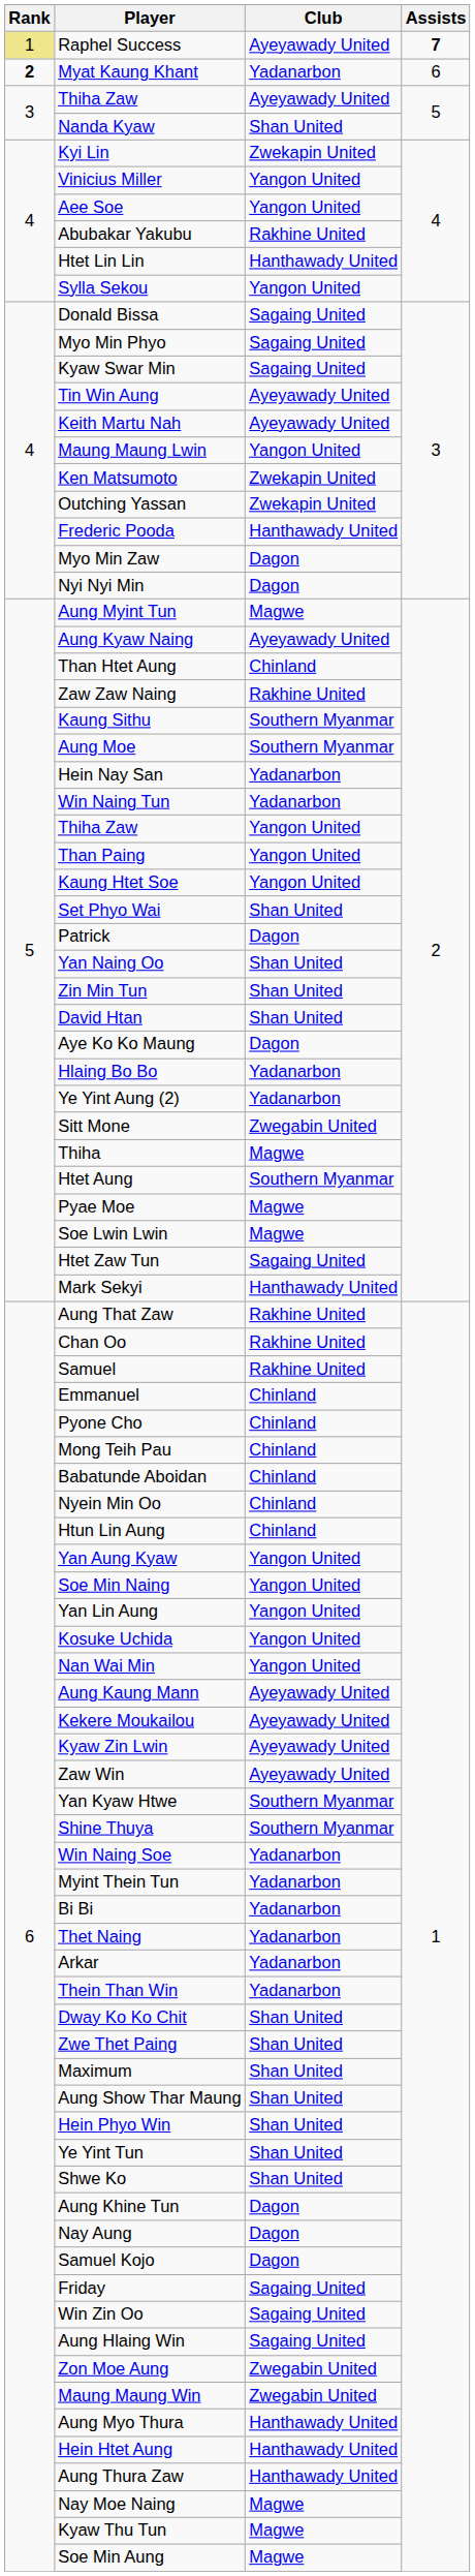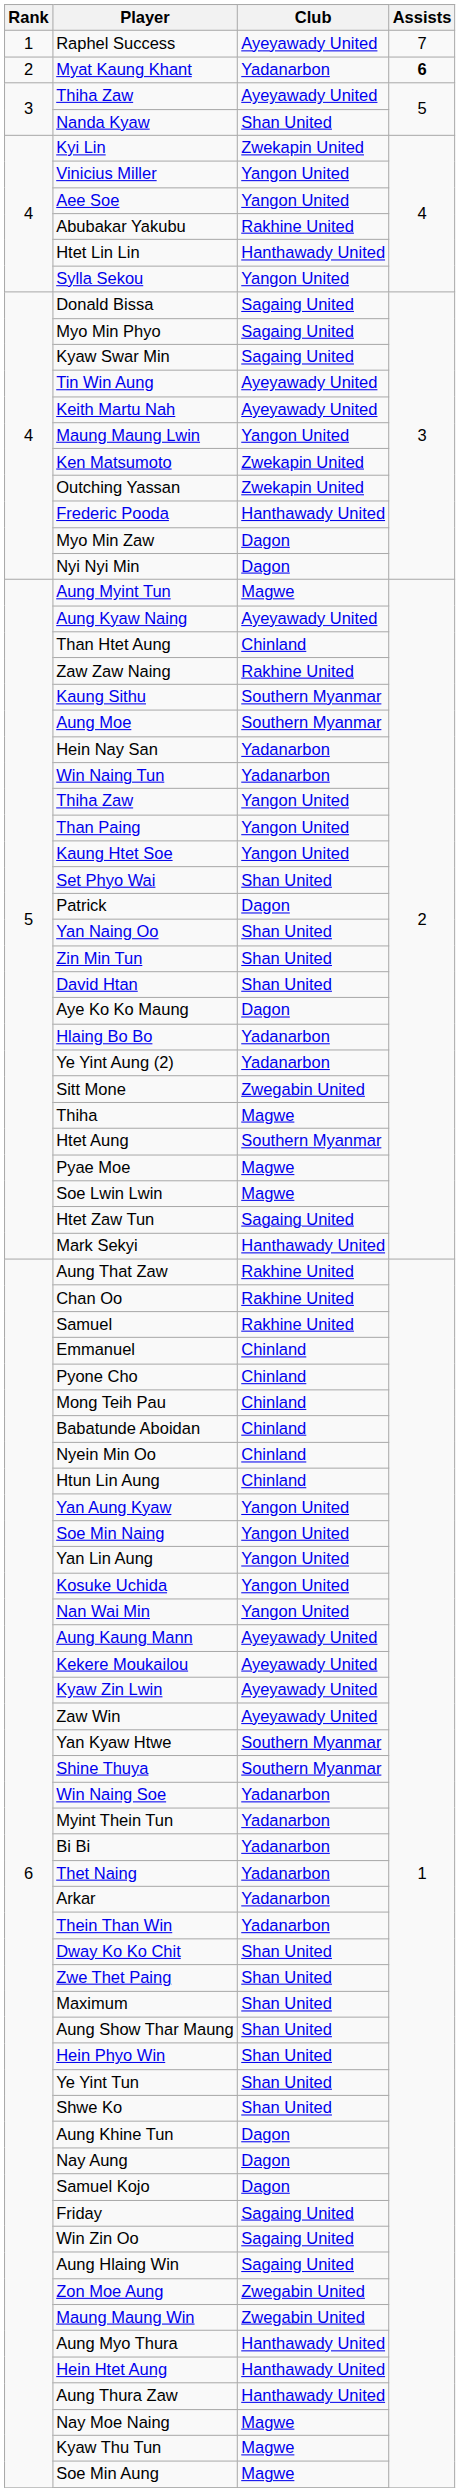 <table class="wikitable" style="text-align:center">
 <tr>
 <th>Rank</th>
 <th>Player</th>
 <th>Club</th>
 <th>Assists</th>
 </tr>
 <tr>
-<td style="background: khaki;">1</td>
+<td>1</td>
 <td align="left"> Raphel Success</td>
 <td align="left"><a href='#'>Ayeyawady United</a></td>
-<td><strong>7</strong></td>
+<td>7</td>
 </tr>
 <tr>
-<td><strong>2</strong></td>
+<td>2</td>
 <td align="left"> <a href='#'>Myat Kaung Khant</a></td>
 <td align="left"><a href='#'>Yadanarbon</a></td>
-<td>6</td>
+<td><strong>6</strong></td>
 </tr>
 <tr>
 <td rowspan="2">3</td>
 <td align="left"> <a href='#'>Thiha Zaw</a></td>
 <td align="left"><a href='#'>Ayeyawady United</a></td>
 <td rowspan="2">5</td>
 </tr>
 <tr>
 <td align="left"> <a href='#'>Nanda Kyaw</a></td>
 <td align="left"><a href='#'>Shan United</a></td>
 </tr>
 <tr>
 <td rowspan="6">4</td>
 <td align="left"> <a href='#'>Kyi Lin</a></td>
 <td align="left"><a href='#'>Zwekapin United</a></td>
 <td rowspan="6">4</td>
 </tr>
 <tr>
 <td align="left"> <a href='#'>Vinicius Miller</a></td>
 <td align="left"><a href='#'>Yangon United</a></td>
 </tr>
 <tr>
 <td align="left"> <a href='#'>Aee Soe</a></td>
 <td align="left"><a href='#'>Yangon United</a></td>
 </tr>
 <tr>
 <td align="left"> Abubakar Yakubu</td>
 <td align="left"><a href='#'>Rakhine United</a></td>
 </tr>
 <tr>
 <td align="left"> Htet Lin Lin</td>
 <td align="left"><a href='#'>Hanthawady United</a></td>
 </tr>
 <tr>
 <td align="left"> <a href='#'>Sylla Sekou</a></td>
 <td align="left"><a href='#'>Yangon United</a></td>
 </tr>
 <tr>
 <td rowspan="11">4</td>
 <td align="left"> Donald Bissa</td>
 <td align="left"><a href='#'>Sagaing United</a></td>
 <td rowspan="11">3</td>
 </tr>
 <tr>
 <td align="left"> Myo Min Phyo</td>
 <td align="left"><a href='#'>Sagaing United</a></td>
 </tr>
 <tr>
 <td align="left"> Kyaw Swar Min</td>
 <td align="left"><a href='#'>Sagaing United</a></td>
 </tr>
 <tr>
 <td align="left"> <a href='#'>Tin Win Aung</a></td>
 <td align="left"><a href='#'>Ayeyawady United</a></td>
 </tr>
 <tr>
 <td align="left"> <a href='#'>Keith Martu Nah</a></td>
 <td align="left"><a href='#'>Ayeyawady United</a></td>
 </tr>
 <tr>
 <td align="left"> <a href='#'>Maung Maung Lwin</a></td>
 <td align="left"><a href='#'>Yangon United</a></td>
 </tr>
 <tr>
 <td align="left"> <a href='#'>Ken Matsumoto</a></td>
 <td align="left"><a href='#'>Zwekapin United</a></td>
 </tr>
 <tr>
 <td align="left"> Outching Yassan</td>
 <td align="left"><a href='#'>Zwekapin United</a></td>
 </tr>
 <tr>
 <td align="left"> <a href='#'>Frederic Pooda</a></td>
 <td align="left"><a href='#'>Hanthawady United</a></td>
 </tr>
 <tr>
 <td align="left"> Myo Min Zaw</td>
 <td align="left"><a href='#'>Dagon</a></td>
 </tr>
 <tr>
 <td align="left"> Nyi Nyi Min</td>
 <td align="left"><a href='#'>Dagon</a></td>
 </tr>
 <tr>
 <td rowspan="26">5</td>
 <td align="left"> <a href='#'>Aung Myint Tun</a></td>
 <td align="left"><a href='#'>Magwe</a></td>
 <td rowspan="26">2</td>
 </tr>
 <tr>
 <td align="left"> <a href='#'>Aung Kyaw Naing</a></td>
 <td align="left"><a href='#'>Ayeyawady United</a></td>
 </tr>
 <tr>
 <td align="left"> Than Htet Aung</td>
 <td align="left"><a href='#'>Chinland</a></td>
 </tr>
 <tr>
 <td align="left"> Zaw Zaw Naing</td>
 <td align="left"><a href='#'>Rakhine United</a></td>
 </tr>
 <tr>
 <td align="left"> <a href='#'>Kaung Sithu</a></td>
 <td align="left"><a href='#'>Southern Myanmar</a></td>
 </tr>
 <tr>
 <td align="left"> <a href='#'>Aung Moe</a></td>
 <td align="left"><a href='#'>Southern Myanmar</a></td>
 </tr>
 <tr>
 <td align="left"> Hein Nay San</td>
 <td align="left"><a href='#'>Yadanarbon</a></td>
 </tr>
 <tr>
 <td align="left"> <a href='#'>Win Naing Tun</a></td>
 <td align="left"><a href='#'>Yadanarbon</a></td>
 </tr>
 <tr>
 <td align="left"> <a href='#'>Thiha Zaw</a></td>
 <td align="left"><a href='#'>Yangon United</a></td>
 </tr>
 <tr>
 <td align="left"> <a href='#'>Than Paing</a></td>
 <td align="left"><a href='#'>Yangon United</a></td>
 </tr>
 <tr>
 <td align="left"> <a href='#'>Kaung Htet Soe</a></td>
 <td align="left"><a href='#'>Yangon United</a></td>
 </tr>
 <tr>
 <td align="left"> <a href='#'>Set Phyo Wai</a></td>
 <td align="left"><a href='#'>Shan United</a></td>
 </tr>
 <tr>
 <td align="left"> Patrick</td>
 <td align="left"><a href='#'>Dagon</a></td>
 </tr>
 <tr>
 <td align="left"> <a href='#'>Yan Naing Oo</a></td>
 <td align="left"><a href='#'>Shan United</a></td>
 </tr>
 <tr>
 <td align="left"> <a href='#'>Zin Min Tun</a></td>
 <td align="left"><a href='#'>Shan United</a></td>
 </tr>
 <tr>
 <td align="left"> <a href='#'>David Htan</a></td>
 <td align="left"><a href='#'>Shan United</a></td>
 </tr>
 <tr>
 <td align="left"> Aye Ko Ko Maung</td>
 <td align="left"><a href='#'>Dagon</a></td>
 </tr>
 <tr>
 <td align="left"> <a href='#'>Hlaing Bo Bo</a></td>
 <td align="left"><a href='#'>Yadanarbon</a></td>
 </tr>
 <tr>
 <td align="left"> Ye Yint Aung (2)</td>
 <td align="left"><a href='#'>Yadanarbon</a></td>
 </tr>
 <tr>
 <td align="left"> Sitt Mone</td>
 <td align="left"><a href='#'>Zwegabin United</a></td>
 </tr>
 <tr>
 <td align="left"> Thiha</td>
 <td align="left"><a href='#'>Magwe</a></td>
 </tr>
 <tr>
 <td align="left"> Htet Aung</td>
 <td align="left"><a href='#'>Southern Myanmar</a></td>
 </tr>
 <tr>
 <td align="left"> Pyae Moe</td>
 <td align="left"><a href='#'>Magwe</a></td>
 </tr>
 <tr>
 <td align="left"> Soe Lwin Lwin</td>
 <td align="left"><a href='#'>Magwe</a></td>
 </tr>
 <tr>
 <td align="left"> Htet Zaw Tun</td>
 <td align="left"><a href='#'>Sagaing United</a></td>
 </tr>
 <tr>
 <td align="left"> Mark Sekyi</td>
 <td align="left"><a href='#'>Hanthawady United</a></td>
 </tr>
 <tr>
 <td rowspan="51">6</td>
 <td align="left"> Aung That Zaw</td>
 <td align="left"><a href='#'>Rakhine United</a></td>
 <td rowspan="51">1</td>
 </tr>
 <tr>
 <td align="left"> Chan Oo</td>
 <td align="left"><a href='#'>Rakhine United</a></td>
 </tr>
 <tr>
 <td align="left"> Samuel</td>
 <td align="left"><a href='#'>Rakhine United</a></td>
 </tr>
 <tr>
 <td align="left"> Emmanuel</td>
 <td align="left"><a href='#'>Chinland</a></td>
 </tr>
 <tr>
 <td align="left"> Pyone Cho</td>
 <td align="left"><a href='#'>Chinland</a></td>
 </tr>
 <tr>
 <td align="left"> Mong Teih Pau</td>
 <td align="left"><a href='#'>Chinland</a></td>
 </tr>
 <tr>
 <td align="left"> Babatunde Aboidan</td>
 <td align="left"><a href='#'>Chinland</a></td>
 </tr>
 <tr>
 <td align="left"> Nyein Min Oo</td>
 <td align="left"><a href='#'>Chinland</a></td>
 </tr>
 <tr>
 <td align="left"> Htun Lin Aung</td>
 <td align="left"><a href='#'>Chinland</a></td>
 </tr>
 <tr>
 <td align="left"> <a href='#'>Yan Aung Kyaw</a></td>
 <td align="left"><a href='#'>Yangon United</a></td>
 </tr>
 <tr>
 <td align="left"> <a href='#'>Soe Min Naing</a></td>
 <td align="left"><a href='#'>Yangon United</a></td>
 </tr>
 <tr>
 <td align="left"> Yan Lin Aung</td>
 <td align="left"><a href='#'>Yangon United</a></td>
 </tr>
 <tr>
 <td align="left"> <a href='#'>Kosuke Uchida</a></td>
 <td align="left"><a href='#'>Yangon United</a></td>
 </tr>
 <tr>
 <td align="left"> <a href='#'>Nan Wai Min</a></td>
 <td align="left"><a href='#'>Yangon United</a></td>
 </tr>
 <tr>
 <td align="left"> <a href='#'>Aung Kaung Mann</a></td>
 <td align="left"><a href='#'>Ayeyawady United</a></td>
 </tr>
 <tr>
 <td align="left"> <a href='#'>Kekere Moukailou</a></td>
 <td align="left"><a href='#'>Ayeyawady United</a></td>
 </tr>
 <tr>
 <td align="left"> <a href='#'>Kyaw Zin Lwin</a></td>
 <td align="left"><a href='#'>Ayeyawady United</a></td>
 </tr>
 <tr>
 <td align="left"> Zaw Win</td>
 <td align="left"><a href='#'>Ayeyawady United</a></td>
 </tr>
 <tr>
 <td align="left"> Yan Kyaw Htwe</td>
 <td align="left"><a href='#'>Southern Myanmar</a></td>
 </tr>
 <tr>
 <td align="left"> <a href='#'>Shine Thuya</a></td>
 <td align="left"><a href='#'>Southern Myanmar</a></td>
 </tr>
 <tr>
 <td align="left"> <a href='#'>Win Naing Soe</a></td>
 <td align="left"><a href='#'>Yadanarbon</a></td>
 </tr>
 <tr>
 <td align="left"> Myint Thein Tun</td>
 <td align="left"><a href='#'>Yadanarbon</a></td>
 </tr>
 <tr>
 <td align="left"> Bi Bi</td>
 <td align="left"><a href='#'>Yadanarbon</a></td>
 </tr>
 <tr>
 <td align="left"> <a href='#'>Thet Naing</a></td>
 <td align="left"><a href='#'>Yadanarbon</a></td>
 </tr>
 <tr>
 <td align="left"> Arkar</td>
 <td align="left"><a href='#'>Yadanarbon</a></td>
 </tr>
 <tr>
 <td align="left"> <a href='#'>Thein Than Win</a></td>
 <td align="left"><a href='#'>Yadanarbon</a></td>
 </tr>
 <tr>
 <td align="left"> <a href='#'>Dway Ko Ko Chit</a></td>
 <td align="left"><a href='#'>Shan United</a></td>
 </tr>
 <tr>
 <td align="left"> <a href='#'>Zwe Thet Paing</a></td>
 <td align="left"><a href='#'>Shan United</a></td>
 </tr>
 <tr>
 <td align="left"> Maximum</td>
 <td align="left"><a href='#'>Shan United</a></td>
 </tr>
 <tr>
 <td align="left"> Aung Show Thar Maung</td>
 <td align="left"><a href='#'>Shan United</a></td>
 </tr>
 <tr>
 <td align="left"> <a href='#'>Hein Phyo Win</a></td>
 <td align="left"><a href='#'>Shan United</a></td>
 </tr>
 <tr>
 <td align="left"> Ye Yint Tun</td>
 <td align="left"><a href='#'>Shan United</a></td>
 </tr>
 <tr>
 <td align="left"> Shwe Ko</td>
 <td align="left"><a href='#'>Shan United</a></td>
 </tr>
 <tr>
 <td align="left"> Aung Khine Tun</td>
 <td align="left"><a href='#'>Dagon</a></td>
 </tr>
 <tr>
 <td align="left"> Nay Aung</td>
 <td align="left"><a href='#'>Dagon</a></td>
 </tr>
 <tr>
 <td align="left"> Samuel Kojo</td>
 <td align="left"><a href='#'>Dagon</a></td>
 </tr>
 <tr>
 <td align="left"> Friday</td>
 <td align="left"><a href='#'>Sagaing United</a></td>
 </tr>
 <tr>
 <td align="left"> Win Zin Oo</td>
 <td align="left"><a href='#'>Sagaing United</a></td>
 </tr>
 <tr>
 <td align="left"> Aung Hlaing Win</td>
 <td align="left"><a href='#'>Sagaing United</a></td>
 </tr>
 <tr>
 <td align="left"> <a href='#'>Zon Moe Aung</a></td>
 <td align="left"><a href='#'>Zwegabin United</a></td>
 </tr>
 <tr>
 <td align="left"> <a href='#'>Maung Maung Win</a></td>
 <td align="left"><a href='#'>Zwegabin United</a></td>
 </tr>
 <tr>
 <td align="left"> Aung Myo Thura</td>
 <td align="left"><a href='#'>Hanthawady United</a></td>
 </tr>
 <tr>
 <td align="left"> <a href='#'>Hein Htet Aung</a></td>
 <td align="left"><a href='#'>Hanthawady United</a></td>
 </tr>
 <tr>
 <td align="left"> Aung Thura Zaw</td>
 <td align="left"><a href='#'>Hanthawady United</a></td>
 </tr>
 <tr>
 <td align="left"> Nay Moe Naing</td>
 <td align="left"><a href='#'>Magwe</a></td>
 </tr>
 <tr>
 <td align="left"> Kyaw Thu Tun</td>
 <td align="left"><a href='#'>Magwe</a></td>
 </tr>
 <tr>
 <td align="left"> Soe Min Aung</td>
 <td align="left"><a href='#'>Magwe</a></td>
 </tr>
 <tr>
 </tr>
 </table>
